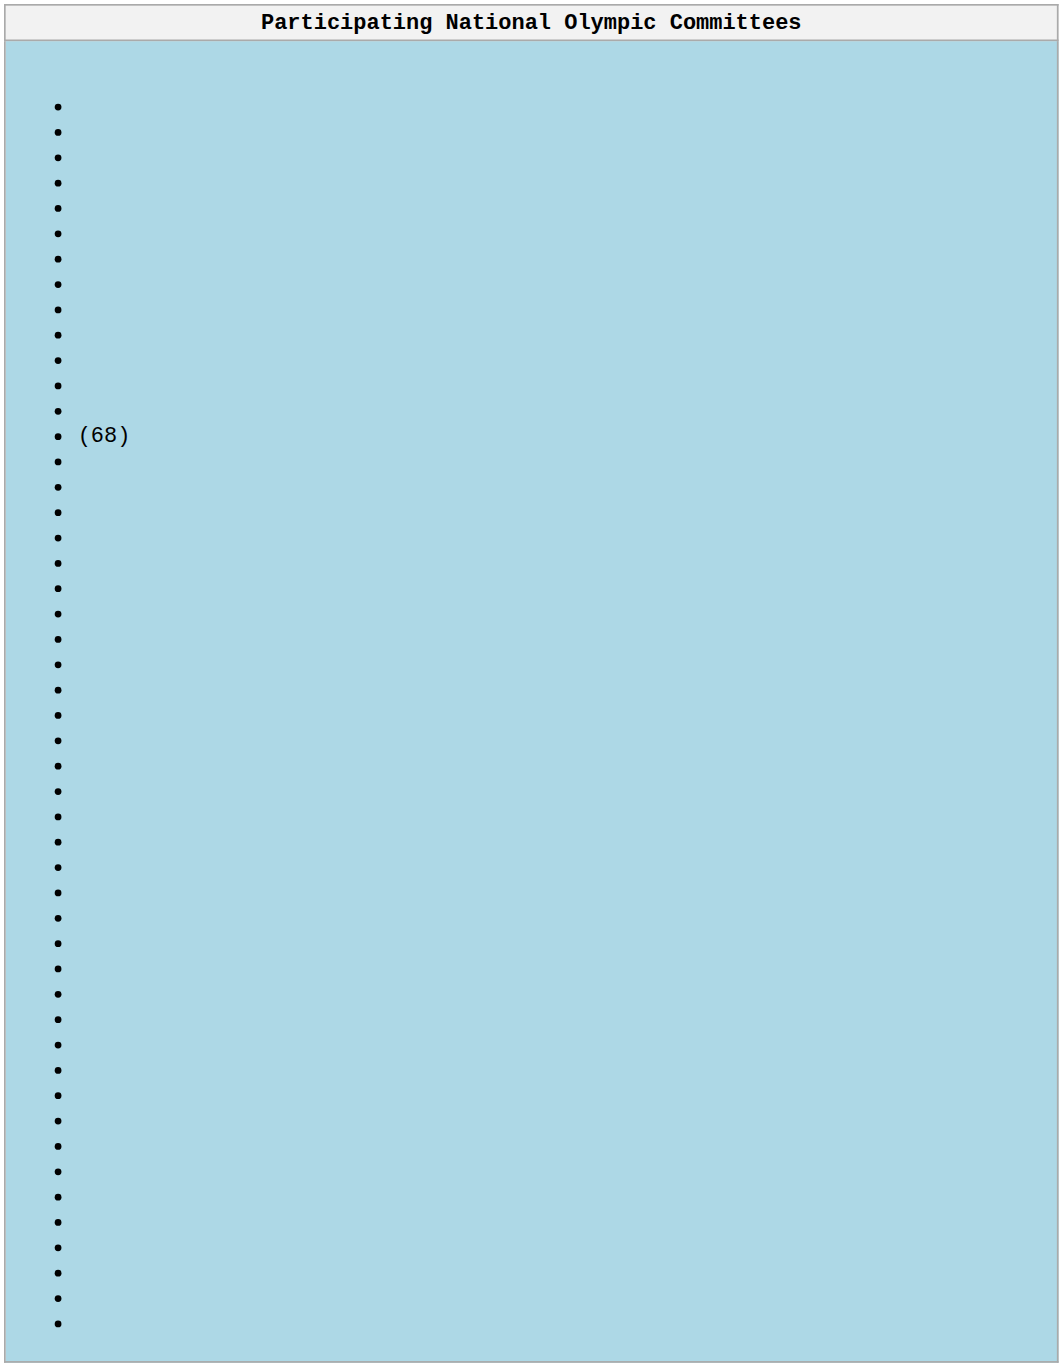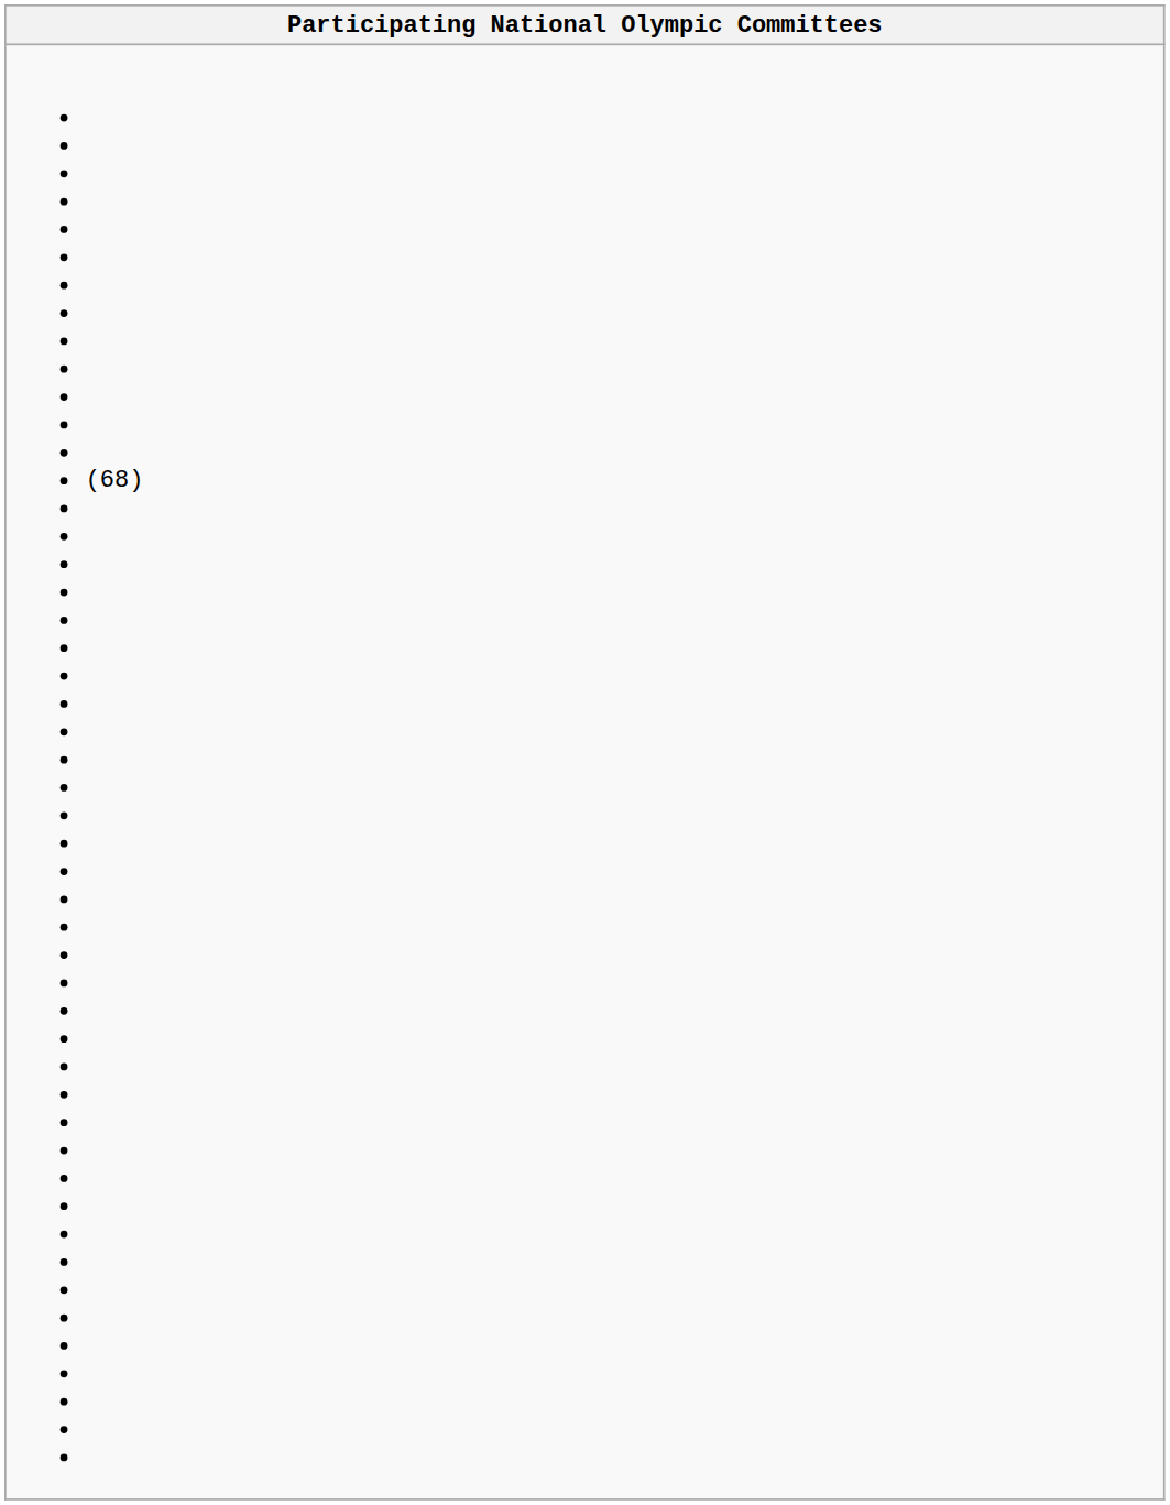 <table class="wikitable collapsible" style="width:100%;">
 <tr>
 <th>Participating National Olympic Committees</th>
 </tr>
 <tr>
-<td style="background: lightblue;"><br><ul><li></li><li></li><li></li><li></li><li></li><li></li><li></li><li></li><li></li><li></li><li></li><li></li><li></li><li> (68)</li><li></li><li></li><li></li><li></li><li></li><li></li><li></li><li></li><li></li><li></li><li></li><li></li><li></li><li></li><li></li><li></li><li></li><li></li><li></li><li></li><li></li><li></li><li></li><li></li><li></li><li></li><li></li><li></li><li></li><li></li><li></li><li></li><li></li><li></li><li></li></ul></td>
+<td><br><ul><li></li><li></li><li></li><li></li><li></li><li></li><li></li><li></li><li></li><li></li><li></li><li></li><li></li><li> (68)</li><li></li><li></li><li></li><li></li><li></li><li></li><li></li><li></li><li></li><li></li><li></li><li></li><li></li><li></li><li></li><li></li><li></li><li></li><li></li><li></li><li></li><li></li><li></li><li></li><li></li><li></li><li></li><li></li><li></li><li></li><li></li><li></li><li></li><li></li><li></li></ul></td>
 </tr>
 </table>
